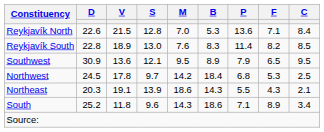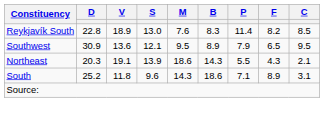 <table class="wikitable sortable" style="font-size:90%; text-align:center;">
 <tr>
 <th rowspan=2><a href='#'>Constituency</a></th>
 <th style="width:40px;"><a href='#'>D</a></th>
 <th style="width:40px;"><a href='#'>V</a></th>
 <th style="width:40px;"><a href='#'>S</a></th>
 <th style="width:40px;"><a href='#'>M</a></th>
 <th style="width:40px;"><a href='#'>B</a></th>
 <th style="width:40px;"><a href='#'>P</a></th>
 <th style="width:40px;"><a href='#'>F</a></th>
 <th style="width:40px;"><a href='#'>C</a></th>
 </tr>
 <tr>
 <th style="background:"></th>
 <th style="background:"></th>
 <th style="background:"></th>
 <th style="background:"></th>
 <th style="background:"></th>
 <th style="background:"></th>
 <th style="background:"></th>
 <th style="background:"></th>
-</tr>
-<tr>
-<td align=left><a href='#'>Reykjavík North</a></td>
-<td>22.6</td>
-<td>21.5</td>
-<td>12.8</td>
-<td>7.0</td>
-<td>5.3</td>
-<td>13.6</td>
-<td>7.1</td>
-<td>8.4</td>
 </tr>
 <tr>
 <td align=left><a href='#'>Reykjavík South</a></td>
 <td>22.8</td>
 <td>18.9</td>
 <td>13.0</td>
 <td>7.6</td>
 <td>8.3</td>
 <td>11.4</td>
 <td>8.2</td>
 <td>8.5</td>
 </tr>
 <tr>
 <td align=left><a href='#'>Southwest</a></td>
 <td>30.9</td>
 <td>13.6</td>
 <td>12.1</td>
 <td>9.5</td>
 <td>8.9</td>
 <td>7.9</td>
 <td>6.5</td>
 <td>9.5</td>
 </tr>
 <tr>
-<td align=left><a href='#'>Northwest</a></td>
-<td>24.5</td>
-<td>17.8</td>
-<td>9.7</td>
-<td>14.2</td>
-<td>18.4</td>
-<td>6.8</td>
-<td>5.3</td>
-<td>2.5</td>
-</tr>
-<tr>
 <td align=left><a href='#'>Northeast</a></td>
 <td>20.3</td>
 <td>19.1</td>
 <td>13.9</td>
 <td>18.6</td>
 <td>14.3</td>
 <td>5.5</td>
 <td>4.3</td>
 <td>2.1</td>
 </tr>
 <tr>
 <td align=left><a href='#'>South</a></td>
 <td>25.2</td>
 <td>11.8</td>
 <td>9.6</td>
 <td>14.3</td>
 <td>18.6</td>
 <td>7.1</td>
 <td>8.9</td>
-<td>3.4</td>
+<td>3.1</td>
 </tr>
 <tr class=sortbottom>
 <td align=left colspan=9>Source: </td>
 </tr>
 </table>
